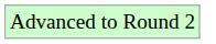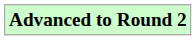 <table class="wikitable">
 <tr>
 </tr>
 <tr width=10px bgcolor=ccffcc>
-<td>Advanced to Round 2</td>
+<td><strong>Advanced to Round 2</strong></td>
 </tr>
 <tr>
 </tr>
 </table>
